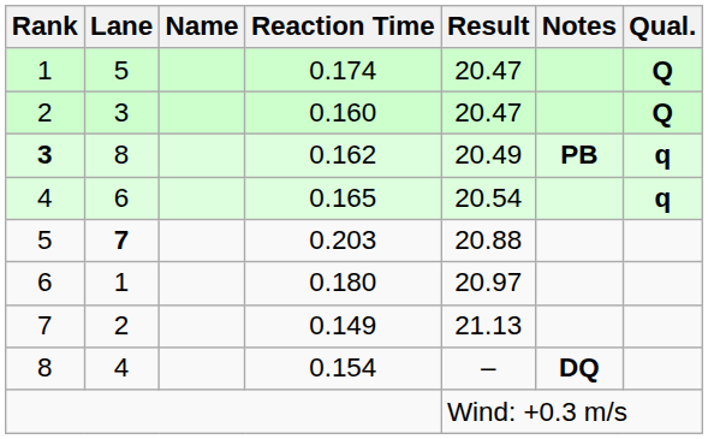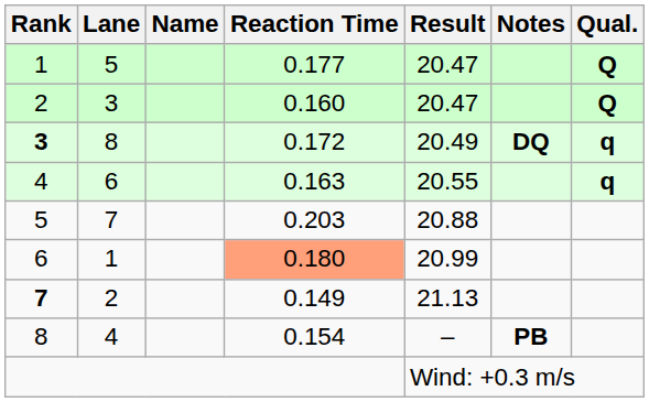 <table class="wikitable" style="text-align:center">
 <tr>
 <th>Rank</th>
 <th>Lane</th>
 <th>Name</th>
 <th>Reaction Time</th>
 <th>Result</th>
 <th>Notes</th>
 <th>Qual.</th>
 </tr>
 <tr bgcolor=ccffcc>
 <td>1</td>
 <td>5</td>
 <td align="left"></td>
-<td>0.174</td>
+<td>0.177</td>
 <td>20.47</td>
 <td></td>
 <td><strong>Q</strong></td>
 </tr>
 <tr bgcolor=ccffcc>
 <td>2</td>
 <td>3</td>
 <td align="left"></td>
 <td>0.160</td>
 <td>20.47</td>
 <td></td>
 <td><strong>Q</strong></td>
 </tr>
 <tr bgcolor=ddffdd>
 <td><strong>3</strong></td>
 <td>8</td>
 <td align="left"></td>
-<td>0.162</td>
+<td>0.172</td>
 <td>20.49</td>
-<td><strong>PB</strong></td>
+<td><strong>DQ</strong></td>
 <td><strong>q</strong></td>
 </tr>
 <tr bgcolor=ddffdd>
 <td>4</td>
 <td>6</td>
 <td align="left"></td>
-<td>0.165</td>
-<td>20.54</td>
+<td>0.163</td>
+<td>20.55</td>
 <td></td>
 <td><strong>q</strong></td>
 </tr>
 <tr>
 <td>5</td>
-<td><strong>7</strong></td>
+<td>7</td>
 <td align="left"></td>
 <td>0.203</td>
 <td>20.88</td>
 <td></td>
 <td></td>
 </tr>
 <tr>
 <td>6</td>
 <td>1</td>
 <td align="left"></td>
-<td>0.180</td>
-<td>20.97</td>
+<td style="background: lightsalmon;">0.180</td>
+<td>20.99</td>
 <td></td>
 <td></td>
 </tr>
 <tr>
-<td>7</td>
+<td><strong>7</strong></td>
 <td>2</td>
 <td align="left"></td>
 <td>0.149</td>
 <td>21.13</td>
 <td></td>
 <td></td>
 </tr>
 <tr>
 <td>8</td>
 <td>4</td>
 <td align="left"></td>
 <td>0.154</td>
 <td>–</td>
-<td><strong>DQ</strong></td>
+<td><strong>PB</strong></td>
 <td></td>
 </tr>
 <tr class="sortbottom">
 <td colspan=4></td>
 <td colspan="3" style="text-align:left;">Wind: +0.3 m/s</td>
 </tr>
 </table>
